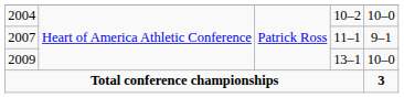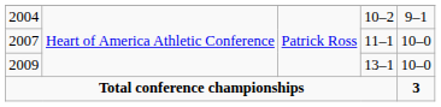 <table class="wikitable" style="text-align:center">
 <tr>
 </tr>
 <tr>
 <td>2004</td>
 <td rowspan="3"><a href='#'>Heart of America Athletic Conference</a></td>
 <td rowspan="3"><a href='#'>Patrick Ross</a></td>
 <td>10–2</td>
-<td>10–0</td>
+<td>9–1</td>
 </tr>
 <tr>
 <td>2007</td>
 <td>11–1</td>
-<td>9–1</td>
+<td>10–0</td>
 </tr>
 <tr>
 <td>2009</td>
 <td>13–1</td>
 <td>10–0</td>
 </tr>
 <tr>
 <td colspan=4><strong>Total conference championships</strong></td>
 <td><strong>3</strong></td>
 </tr>
 </table>
